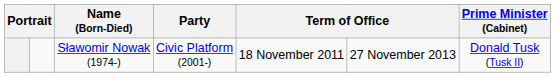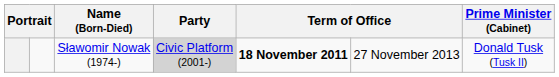 <table class="wikitable" style="text-align:center;">
 <tr>
 <th colspan=2>Portrait</th>
 <th>Name<br><small>(Born-Died)</small></th>
 <th>Party</th>
 <th colspan=2>Term of Office</th>
 <th><a href='#'>Prime Minister</a><br><small>(Cabinet)</small></th>
 </tr>
 <tr>
 <th ! style="background:"></th>
 <td></td>
 <td><a href='#'>Sławomir Nowak</a><br><small>(1974-)</small><br></td>
-<td><a href='#'>Civic Platform</a> <br> <small>(2001-)</small></td>
-<td>18 November 2011</td>
+<td style="background: lightgrey;"><a href='#'>Civic Platform</a> <br> <small>(2001-)</small></td>
+<td><strong>18 November 2011</strong></td>
 <td>27 November 2013</td>
 <td><a href='#'>Donald Tusk</a> <br><small> (<a href='#'>Tusk II</a>)</small></td>
 </tr>
 </table>
